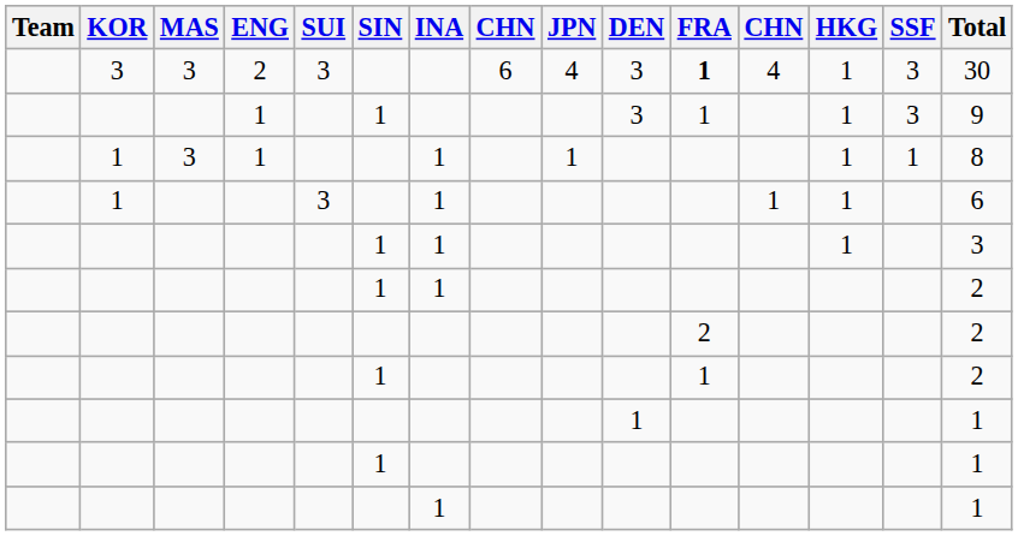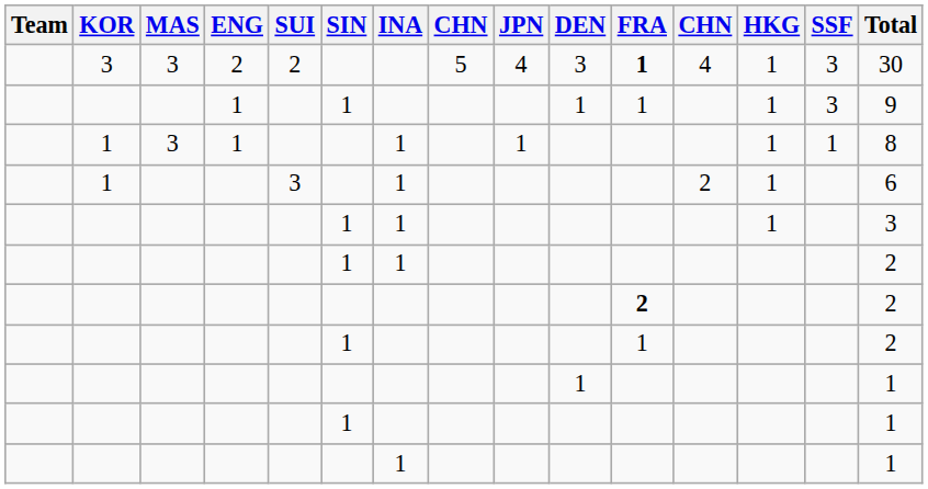 <table class=wikitable style="font-size:85%; text-align:center">
 <tr>
 <th>Team</th>
 <th><a href='#'>KOR</a></th>
 <th><a href='#'>MAS</a></th>
 <th><a href='#'>ENG</a></th>
 <th><a href='#'>SUI</a></th>
 <th><a href='#'>SIN</a></th>
 <th><a href='#'>INA</a></th>
 <th><a href='#'>CHN</a></th>
 <th><a href='#'>JPN</a></th>
 <th><a href='#'>DEN</a></th>
 <th><a href='#'>FRA</a></th>
 <th><a href='#'>CHN</a></th>
 <th><a href='#'>HKG</a></th>
 <th><a href='#'>SSF</a></th>
 <th>Total</th>
 </tr>
 <tr>
 <td align=left></td>
 <td>3</td>
 <td>3</td>
 <td>2</td>
-<td>3</td>
+<td>2</td>
 <td></td>
 <td></td>
-<td>6</td>
+<td>5</td>
 <td>4</td>
 <td>3</td>
 <td><strong>1</strong></td>
 <td>4</td>
 <td>1</td>
 <td>3</td>
 <td>30</td>
 </tr>
 <tr>
 <td align=left></td>
 <td></td>
 <td></td>
 <td>1</td>
 <td></td>
 <td>1</td>
 <td></td>
 <td></td>
 <td></td>
-<td>3</td>
+<td>1</td>
 <td>1</td>
 <td></td>
 <td>1</td>
 <td>3</td>
 <td>9</td>
 </tr>
 <tr>
 <td align=left></td>
 <td>1</td>
 <td>3</td>
 <td>1</td>
 <td></td>
 <td></td>
 <td>1</td>
 <td></td>
 <td>1</td>
 <td></td>
 <td></td>
 <td></td>
 <td>1</td>
 <td>1</td>
 <td>8</td>
 </tr>
 <tr>
 <td align=left></td>
 <td>1</td>
 <td></td>
 <td></td>
 <td>3</td>
 <td></td>
 <td>1</td>
 <td></td>
 <td></td>
 <td></td>
 <td></td>
-<td>1</td>
+<td>2</td>
 <td>1</td>
 <td></td>
 <td>6</td>
 </tr>
 <tr>
 <td align=left></td>
 <td></td>
 <td></td>
 <td></td>
 <td></td>
 <td>1</td>
 <td>1</td>
 <td></td>
 <td></td>
 <td></td>
 <td></td>
 <td></td>
 <td>1</td>
 <td></td>
 <td>3</td>
 </tr>
 <tr>
 <td align=left></td>
 <td></td>
 <td></td>
 <td></td>
 <td></td>
 <td>1</td>
 <td>1</td>
 <td></td>
 <td></td>
 <td></td>
 <td></td>
 <td></td>
 <td></td>
 <td></td>
 <td>2</td>
 </tr>
 <tr>
 <td align=left></td>
 <td></td>
 <td></td>
 <td></td>
 <td></td>
 <td></td>
 <td></td>
 <td></td>
 <td></td>
 <td></td>
-<td>2</td>
+<td><strong>2</strong></td>
 <td></td>
 <td></td>
 <td></td>
 <td>2</td>
 </tr>
 <tr>
 <td align=left></td>
 <td></td>
 <td></td>
 <td></td>
 <td></td>
 <td>1</td>
 <td></td>
 <td></td>
 <td></td>
 <td></td>
 <td>1</td>
 <td></td>
 <td></td>
 <td></td>
 <td>2</td>
 </tr>
 <tr>
 <td align=left></td>
 <td></td>
 <td></td>
 <td></td>
 <td></td>
 <td></td>
 <td></td>
 <td></td>
 <td></td>
 <td>1</td>
 <td></td>
 <td></td>
 <td></td>
 <td></td>
 <td>1</td>
 </tr>
 <tr>
 <td align=left></td>
 <td></td>
 <td></td>
 <td></td>
 <td></td>
 <td>1</td>
 <td></td>
 <td></td>
 <td></td>
 <td></td>
 <td></td>
 <td></td>
 <td></td>
 <td></td>
 <td>1</td>
 </tr>
 <tr>
 <td align=left></td>
 <td></td>
 <td></td>
 <td></td>
 <td></td>
 <td></td>
 <td>1</td>
 <td></td>
 <td></td>
 <td></td>
 <td></td>
 <td></td>
 <td></td>
 <td></td>
 <td>1</td>
 </tr>
 </table>
